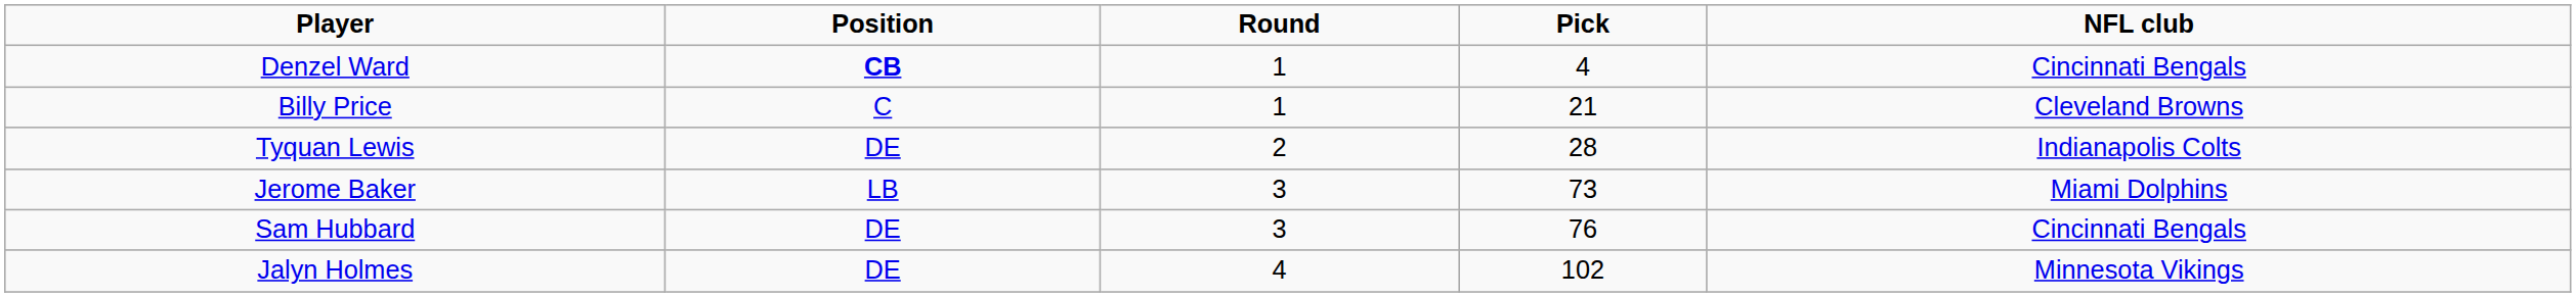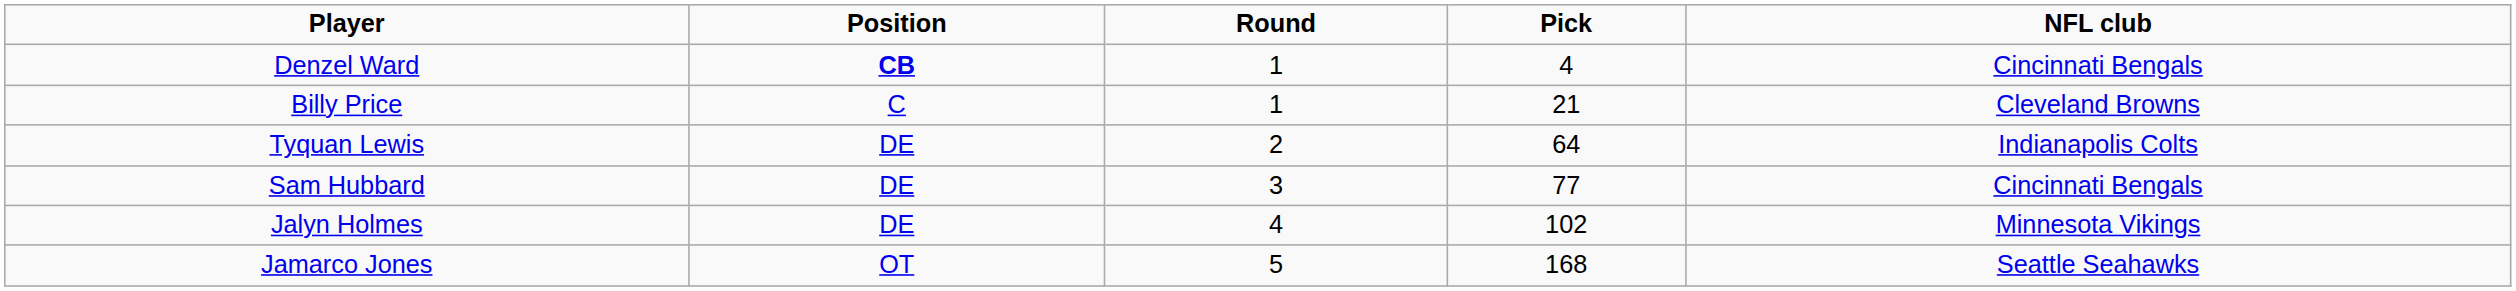 <table class="wikitable" width="80%">
 <tr align="center">
 <td><strong>Player</strong></td>
 <td><strong>Position</strong></td>
 <td><strong>Round</strong></td>
 <td><strong>Pick</strong></td>
 <td><strong>NFL club</strong></td>
 </tr>
 <tr align="center" bgcolor="">
 <td><a href='#'>Denzel Ward</a></td>
 <td><strong><a href='#'>CB</a></strong></td>
 <td>1</td>
 <td>4</td>
 <td><a href='#'>Cincinnati Bengals</a></td>
 </tr>
 <tr align="center" bgcolor="">
 <td><a href='#'>Billy Price</a></td>
 <td><a href='#'>C</a></td>
 <td>1</td>
 <td>21</td>
 <td><a href='#'>Cleveland Browns</a></td>
 </tr>
 <tr align="center" bgcolor="">
 <td><a href='#'>Tyquan Lewis</a></td>
 <td><a href='#'>DE</a></td>
 <td>2</td>
-<td>28</td>
+<td>64</td>
 <td><a href='#'>Indianapolis Colts</a></td>
-</tr>
-<tr align="center" bgcolor="">
-<td><a href='#'>Jerome Baker</a></td>
-<td><a href='#'>LB</a></td>
-<td>3</td>
-<td>73</td>
-<td><a href='#'>Miami Dolphins</a></td>
 </tr>
 <tr align="center" bgcolor="">
 <td><a href='#'>Sam Hubbard</a></td>
 <td><a href='#'>DE</a></td>
 <td>3</td>
-<td>76</td>
+<td>77</td>
 <td><a href='#'>Cincinnati Bengals</a></td>
 </tr>
 <tr align="center" bgcolor="">
 <td><a href='#'>Jalyn Holmes</a></td>
 <td><a href='#'>DE</a></td>
 <td>4</td>
 <td>102</td>
 <td><a href='#'>Minnesota Vikings</a></td>
 </tr>
+<tr align="center" bgcolor="">
+<td><a href='#'>Jamarco Jones</a></td>
+<td><a href='#'>OT</a></td>
+<td>5</td>
+<td>168</td>
+<td><a href='#'>Seattle Seahawks</a></td>
+</tr>
 </table>
